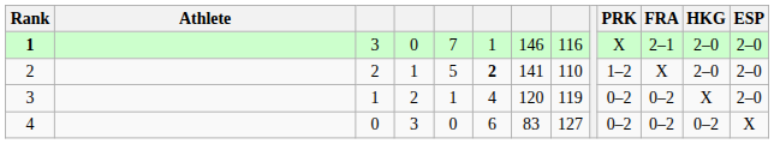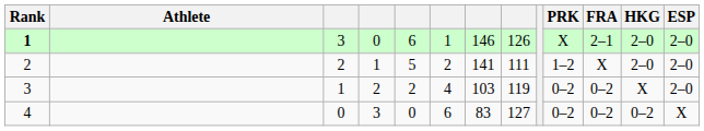 <table class="wikitable" style="text-align:center">
 <tr>
 <th width=40>Rank</th>
 <th width=280>Athlete</th>
 <th width=30></th>
 <th width=30></th>
 <th width=30></th>
 <th width=30></th>
 <th width=30></th>
 <th width=30></th>
 <th rowspan=5></th>
 <th width=30>PRK</th>
 <th width=30>FRA</th>
 <th width=30>HKG</th>
 <th width=30>ESP</th>
 </tr>
 <tr style="background-color:#ccffcc;">
 <td><strong>1</strong></td>
 <td align=left></td>
 <td>3</td>
 <td>0</td>
-<td>7</td>
+<td>6</td>
 <td>1</td>
 <td>146</td>
-<td>116</td>
+<td>126</td>
 <td>X</td>
 <td>2–1</td>
 <td>2–0</td>
 <td>2–0</td>
 </tr>
 <tr>
 <td>2</td>
 <td align=left></td>
 <td>2</td>
 <td>1</td>
 <td>5</td>
-<td><strong>2</strong></td>
+<td>2</td>
 <td>141</td>
-<td>110</td>
+<td>111</td>
 <td>1–2</td>
 <td>X</td>
 <td>2–0</td>
 <td>2–0</td>
 </tr>
 <tr>
 <td>3</td>
 <td align=left></td>
 <td>1</td>
 <td>2</td>
-<td>1</td>
+<td>2</td>
 <td>4</td>
-<td>120</td>
+<td>103</td>
 <td>119</td>
 <td>0–2</td>
 <td>0–2</td>
 <td>X</td>
 <td>2–0</td>
 </tr>
 <tr>
 <td>4</td>
 <td align=left></td>
 <td>0</td>
 <td>3</td>
 <td>0</td>
 <td>6</td>
 <td>83</td>
 <td>127</td>
 <td>0–2</td>
 <td>0–2</td>
 <td>0–2</td>
 <td>X</td>
 </tr>
 </table>
